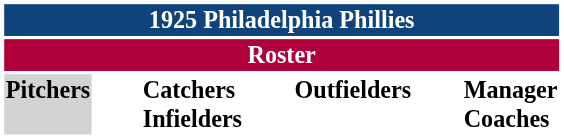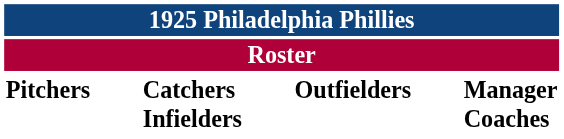 <table class="toccolours" style="font-size: 95%;">
 <tr>
 <th colspan="10" style="background-color: #0f437c; color: white; text-align: center;">1925 Philadelphia Phillies</th>
 </tr>
 <tr>
 <td colspan="10" style="background-color: #af0039; color: white; text-align: center;"><strong>Roster</strong></td>
 </tr>
 <tr>
-<td valign="top" style="background: lightgrey;"><strong>Pitchers</strong><br>              </td>
+<td valign="top"><strong>Pitchers</strong><br>              </td>
 <td width="25px"></td>
 <td valign="top"><strong>Catchers</strong><br>   <strong>Infielders</strong>         </td>
 <td width="25px"></td>
 <td valign="top"><strong>Outfielders</strong><br>       </td>
 <td width="25px"></td>
 <td valign="top"><strong>Manager</strong><br> <strong>Coaches</strong> </td>
 </tr>
 </table>
